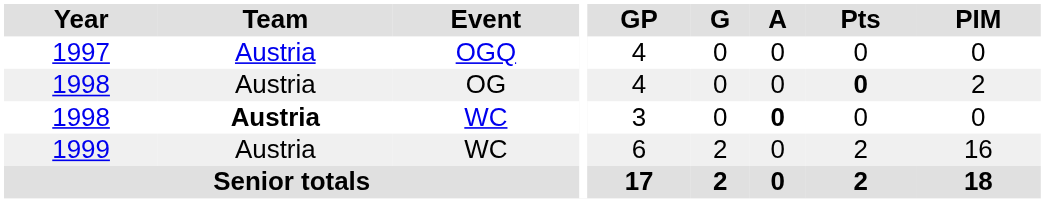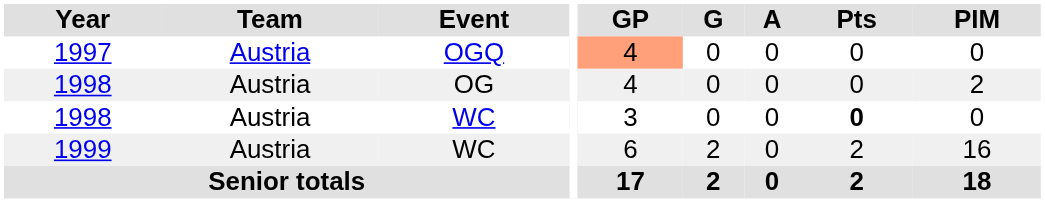 <table border="0" cellpadding="1" cellspacing="0" style="text-align:center; width:40em">
 <tr bgcolor="#e0e0e0">
 <th>Year</th>
 <th>Team</th>
 <th>Event</th>
 <th rowspan="99" bgcolor="#ffffff"></th>
 <th>GP</th>
 <th>G</th>
 <th>A</th>
 <th>Pts</th>
 <th>PIM</th>
 </tr>
 <tr>
 <td><a href='#'>1997</a></td>
 <td><a href='#'>Austria</a></td>
 <td><a href='#'>OGQ</a></td>
-<td>4</td>
+<td style="background: lightsalmon;">4</td>
 <td>0</td>
 <td>0</td>
 <td>0</td>
 <td>0</td>
 </tr>
 <tr bgcolor="#f0f0f0">
 <td><a href='#'>1998</a></td>
 <td>Austria</td>
 <td>OG</td>
 <td>4</td>
 <td>0</td>
 <td>0</td>
-<td><strong>0</strong></td>
+<td>0</td>
 <td>2</td>
 </tr>
 <tr>
 <td><a href='#'>1998</a></td>
-<td><strong>Austria</strong></td>
+<td>Austria</td>
 <td><a href='#'>WC</a></td>
 <td>3</td>
 <td>0</td>
+<td>0</td>
 <td><strong>0</strong></td>
-<td>0</td>
 <td>0</td>
 </tr>
 <tr bgcolor="#f0f0f0">
 <td><a href='#'>1999</a></td>
 <td>Austria</td>
 <td>WC</td>
 <td>6</td>
 <td>2</td>
 <td>0</td>
 <td>2</td>
 <td>16</td>
 </tr>
 <tr bgcolor="#e0e0e0">
 <th colspan="3">Senior totals</th>
 <th>17</th>
 <th>2</th>
 <th>0</th>
 <th>2</th>
 <th>18</th>
 </tr>
 </table>
